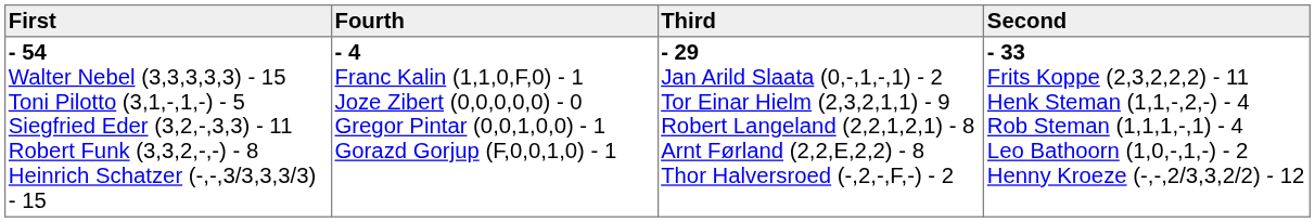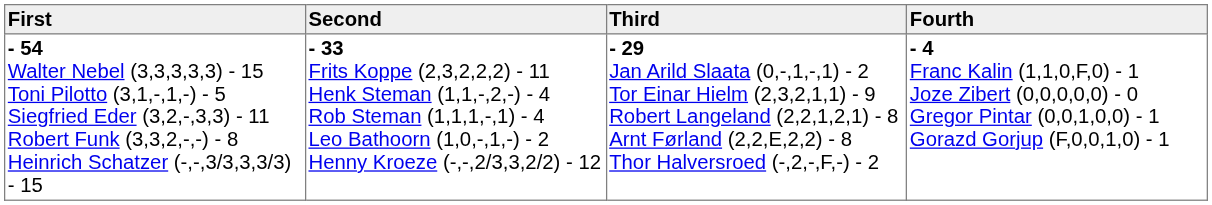 <table border=1 cellpadding=2 cellspacing=0 width=75% style="border-collapse:collapse">
 <tr align=left style="background:#efefef;">
 <th width=20%>First</th>
+<th width=20%>Second</th>
+<th width=20%>Third</th>
 <th width=20%>Fourth</th>
-<th width=20%>Third</th>
-<th width=20%>Second</th>
 </tr>
 <tr align=left>
 <td valign=top><strong> - 54</strong><br><a href='#'>Walter Nebel</a> (3,3,3,3,3) - 15 <br><a href='#'>Toni Pilotto</a> (3,1,-,1,-) - 5 <br><a href='#'>Siegfried Eder</a> (3,2,-,3,3) - 11 <br><a href='#'>Robert Funk</a> (3,3,2,-,-) - 8 <br><a href='#'>Heinrich Schatzer</a> (-,-,3/3,3,3/3) - 15</td>
+<td valign=top><strong> - 33</strong><br><a href='#'>Frits Koppe</a> (2,3,2,2,2) - 11 <br><a href='#'>Henk Steman</a> (1,1,-,2,-) - 4 <br><a href='#'>Rob Steman</a> (1,1,1,-,1) - 4 <br><a href='#'>Leo Bathoorn</a> (1,0,-,1,-) - 2 <br><a href='#'>Henny Kroeze</a> (-,-,2/3,3,2/2) - 12</td>
+<td valign=top><strong> - 29</strong><br><a href='#'>Jan Arild Slaata</a> (0,-,1,-,1) - 2 <br><a href='#'>Tor Einar Hielm</a> (2,3,2,1,1) - 9 <br><a href='#'>Robert Langeland</a> (2,2,1,2,1) - 8 <br><a href='#'>Arnt Førland</a> (2,2,E,2,2) - 8 <br><a href='#'>Thor Halversroed</a> (-,2,-,F,-) - 2</td>
 <td valign=top><strong> - 4</strong><br><a href='#'>Franc Kalin</a> (1,1,0,F,0) - 1 <br><a href='#'>Joze Zibert</a> (0,0,0,0,0) - 0 <br><a href='#'>Gregor Pintar</a> (0,0,1,0,0) - 1 <br><a href='#'>Gorazd Gorjup</a> (F,0,0,1,0) - 1</td>
-<td valign=top><strong> - 29</strong><br><a href='#'>Jan Arild Slaata</a> (0,-,1,-,1) - 2 <br><a href='#'>Tor Einar Hielm</a> (2,3,2,1,1) - 9 <br><a href='#'>Robert Langeland</a> (2,2,1,2,1) - 8 <br><a href='#'>Arnt Førland</a> (2,2,E,2,2) - 8 <br><a href='#'>Thor Halversroed</a> (-,2,-,F,-) - 2</td>
-<td valign=top><strong> - 33</strong><br><a href='#'>Frits Koppe</a> (2,3,2,2,2) - 11 <br><a href='#'>Henk Steman</a> (1,1,-,2,-) - 4 <br><a href='#'>Rob Steman</a> (1,1,1,-,1) - 4 <br><a href='#'>Leo Bathoorn</a> (1,0,-,1,-) - 2 <br><a href='#'>Henny Kroeze</a> (-,-,2/3,3,2/2) - 12</td>
 </tr>
 </table>
